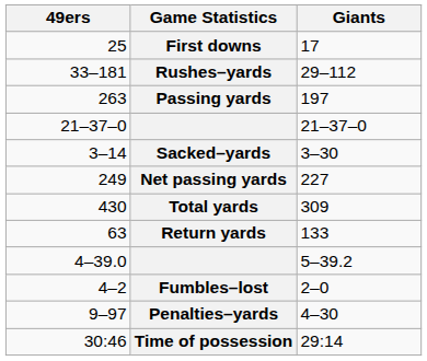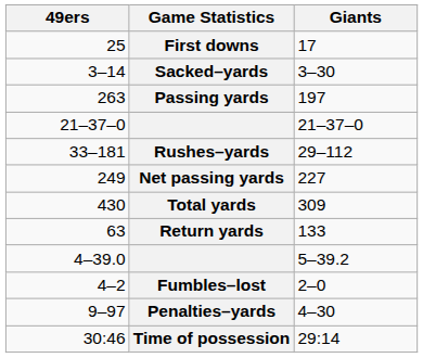 <table class="wikitable" style="margin: 1em auto 1em auto">
 <tr>
 <th style="width:30%;">49ers</th>
 <th style="width:40%;">Game Statistics</th>
 <th style="width:30%;">Giants</th>
 </tr>
 <tr>
 <td style="text-align:right;">25</td>
 <th>First downs</th>
 <td>17</td>
 </tr>
 <tr>
-<td style="text-align:right;">33–181</td>
-<th>Rushes–yards</th>
-<td>29–112</td>
+<td style="text-align:right;">3–14</td>
+<th>Sacked–yards</th>
+<td>3–30</td>
 </tr>
 <tr>
 <td style="text-align:right;">263</td>
 <th>Passing yards</th>
 <td>197</td>
 </tr>
 <tr>
 <td style="text-align:right;">21–37–0</td>
 <th></th>
 <td>21–37–0</td>
 </tr>
 <tr>
-<td style="text-align:right;">3–14</td>
-<th>Sacked–yards</th>
-<td>3–30</td>
+<td style="text-align:right;">33–181</td>
+<th>Rushes–yards</th>
+<td>29–112</td>
 </tr>
 <tr>
 <td style="text-align:right;">249</td>
 <th>Net passing yards</th>
 <td>227</td>
 </tr>
 <tr>
 <td style="text-align:right;">430</td>
 <th>Total yards</th>
 <td>309</td>
 </tr>
 <tr>
 <td style="text-align:right;">63</td>
 <th>Return yards</th>
 <td>133</td>
 </tr>
 <tr>
 <td style="text-align:right;">4–39.0</td>
 <th></th>
 <td>5–39.2</td>
 </tr>
 <tr>
 <td style="text-align:right;">4–2</td>
 <th>Fumbles–lost</th>
 <td>2–0</td>
 </tr>
 <tr>
 <td style="text-align:right;">9–97</td>
 <th>Penalties–yards</th>
 <td>4–30</td>
 </tr>
 <tr>
 <td style="text-align:right;">30:46</td>
 <th>Time of possession</th>
 <td>29:14</td>
 </tr>
 </table>
